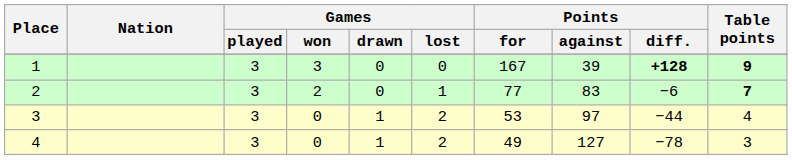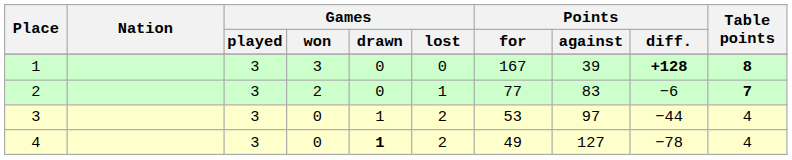 <table class="wikitable">
 <tr>
 <th rowspan=2 width="8%">Place</th>
 <th rowspan=2 width="20%">Nation</th>
 <th colspan=4 width="32%">Games</th>
 <th colspan=3 width="30%">Points</th>
 <th rowspan=2 width="10%">Table<br>points</th>
 </tr>
 <tr>
 <th width="8%">played</th>
 <th width="8%">won</th>
 <th width="8%">drawn</th>
 <th width="8%">lost</th>
 <th width="10%">for</th>
 <th width="10%">against</th>
 <th width="10%">diff.</th>
 </tr>
 <tr>
 </tr>
 <tr bgcolor=#ccffcc align=center>
 <td>1</td>
 <td align=left></td>
 <td>3</td>
 <td>3</td>
 <td>0</td>
 <td>0</td>
 <td>167</td>
 <td>39</td>
 <td><strong>+128</strong></td>
-<td><strong>9</strong></td>
+<td><strong>8</strong></td>
 </tr>
 <tr bgcolor=#ccffcc align=center>
 <td>2</td>
 <td align=left></td>
 <td>3</td>
 <td>2</td>
 <td>0</td>
 <td>1</td>
 <td>77</td>
 <td>83</td>
 <td>−6</td>
 <td><strong>7</strong></td>
 </tr>
 <tr bgcolor=#ffffcc align=center>
 <td>3</td>
 <td align=left></td>
 <td>3</td>
 <td>0</td>
 <td>1</td>
 <td>2</td>
 <td>53</td>
 <td>97</td>
 <td>−44</td>
 <td>4</td>
 </tr>
 <tr bgcolor=#ffffcc align=center>
 <td>4</td>
 <td align=left></td>
 <td>3</td>
 <td>0</td>
-<td>1</td>
+<td><strong>1</strong></td>
 <td>2</td>
 <td>49</td>
 <td>127</td>
 <td>−78</td>
-<td>3</td>
+<td>4</td>
 </tr>
 </table>
